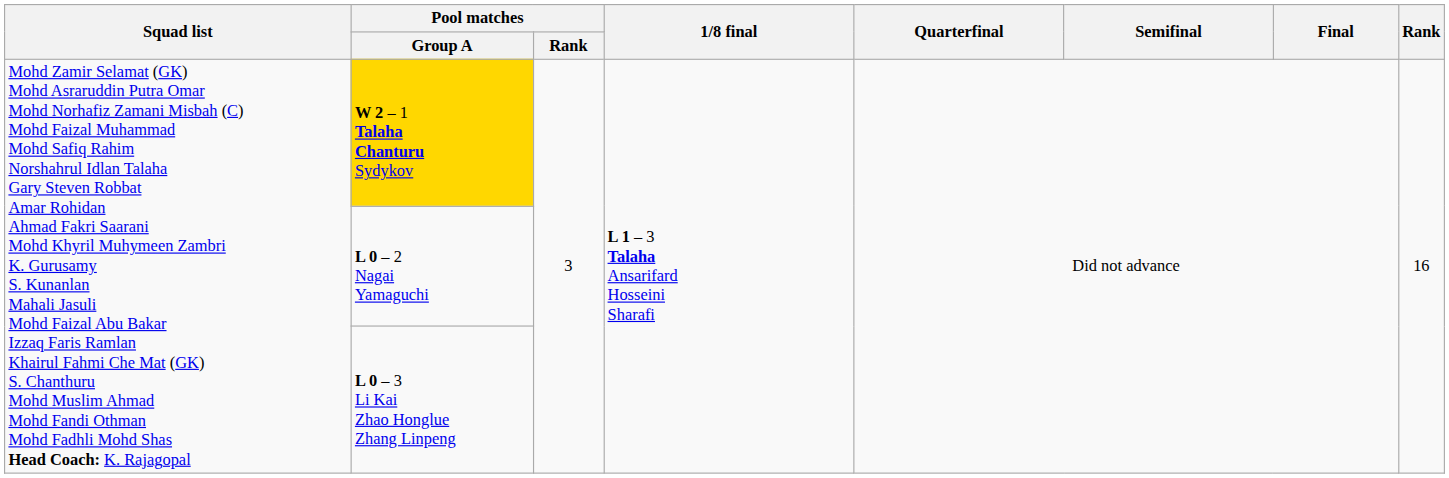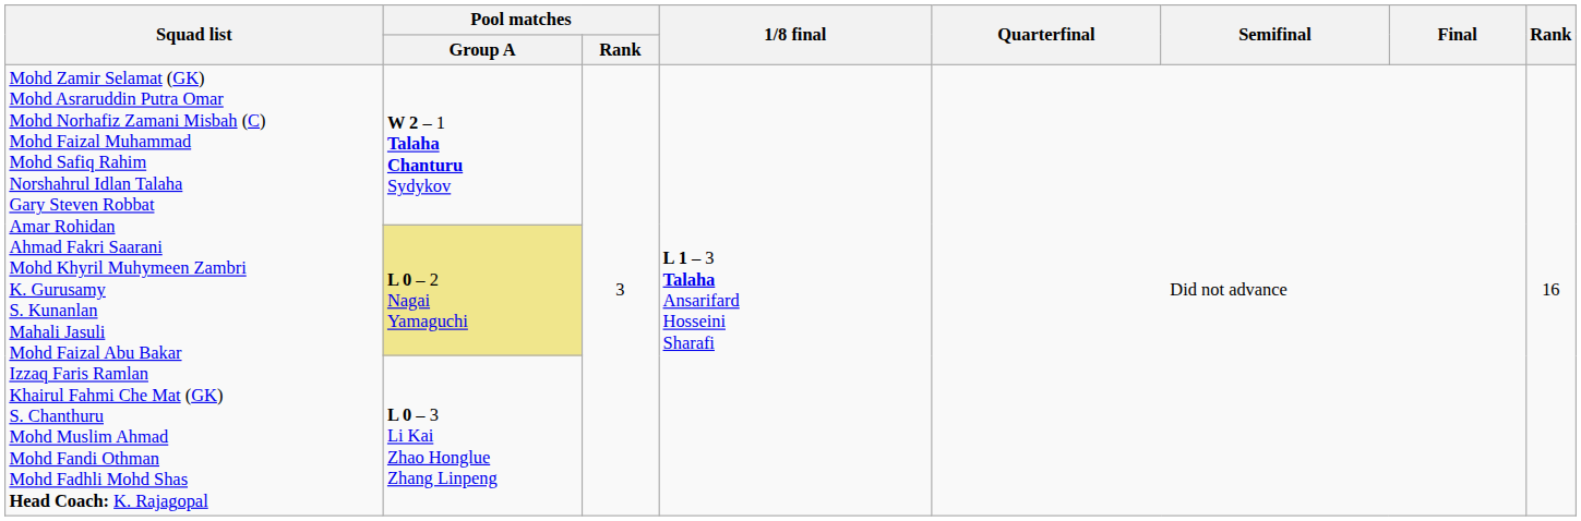 <table class=wikitable width=100% style="text-align:left; font-size:90%">
 <tr>
 <th rowspan=2 width=25%>Squad list</th>
 <th colspan=2>Pool matches</th>
 <th rowspan=2 width=18%>1/8 final</th>
 <th rowspan=2 width=15%>Quarterfinal</th>
 <th rowspan=2 width=15%>Semifinal</th>
 <th rowspan=2 width=15%>Final</th>
 <th rowspan=2 width=5%>Rank</th>
 </tr>
 <tr>
 <th width=13%>Group A</th>
 <th width=5%>Rank</th>
 </tr>
 <tr>
 <td rowspan="3"><a href='#'>Mohd Zamir Selamat</a> (<a href='#'>GK</a>)<br><a href='#'>Mohd Asraruddin Putra Omar</a><br><a href='#'>Mohd Norhafiz Zamani Misbah</a> (<a href='#'>C</a>)<br><a href='#'>Mohd Faizal Muhammad</a><br><a href='#'>Mohd Safiq Rahim</a><br><a href='#'>Norshahrul Idlan Talaha</a><br><a href='#'>Gary Steven Robbat</a><br><a href='#'>Amar Rohidan</a><br><a href='#'>Ahmad Fakri Saarani</a><br><a href='#'>Mohd Khyril Muhymeen Zambri</a><br><a href='#'>K. Gurusamy</a><br><a href='#'>S. Kunanlan</a><br><a href='#'>Mahali Jasuli</a><br><a href='#'>Mohd Faizal Abu Bakar</a><br><a href='#'>Izzaq Faris Ramlan</a><br><a href='#'>Khairul Fahmi Che Mat</a> (<a href='#'>GK</a>)<br><a href='#'>S. Chanthuru</a><br><a href='#'>Mohd Muslim Ahmad</a><br><a href='#'>Mohd Fandi Othman</a><br><a href='#'>Mohd Fadhli Mohd Shas</a><br><strong>Head Coach:</strong> <a href='#'>K. Rajagopal</a></td>
-<td style="background: gold;"><br><strong>W 2</strong> – 1<br><strong><a href='#'>Talaha</a> <br><a href='#'>Chanturu</a> </strong><br><a href='#'>Sydykov</a> </td>
+<td><br><strong>W 2</strong> – 1<br><strong><a href='#'>Talaha</a> <br><a href='#'>Chanturu</a> </strong><br><a href='#'>Sydykov</a> </td>
 <td rowspan="3" align=center>3 <strong></strong></td>
 <td rowspan="3"><br><strong>L 1</strong> – 3<br><strong><a href='#'>Talaha</a></strong><br><a href='#'>Ansarifard</a> <br><a href='#'>Hosseini</a> <br><a href='#'>Sharafi</a> </td>
 <td rowspan=3 colspan=3 align=center>Did not advance</td>
 <td rowspan=3 align=center>16</td>
 </tr>
 <tr>
-<td><br><strong>L 0</strong> – 2<br><a href='#'>Nagai</a> <br><a href='#'>Yamaguchi</a> </td>
+<td style="background: khaki;"><br><strong>L 0</strong> – 2<br><a href='#'>Nagai</a> <br><a href='#'>Yamaguchi</a> </td>
 </tr>
 <tr>
 <td><br><strong>L 0</strong> – 3<br><a href='#'>Li Kai</a> <br><a href='#'>Zhao Honglue</a> <br><a href='#'>Zhang Linpeng</a> </td>
 </tr>
 </table>
